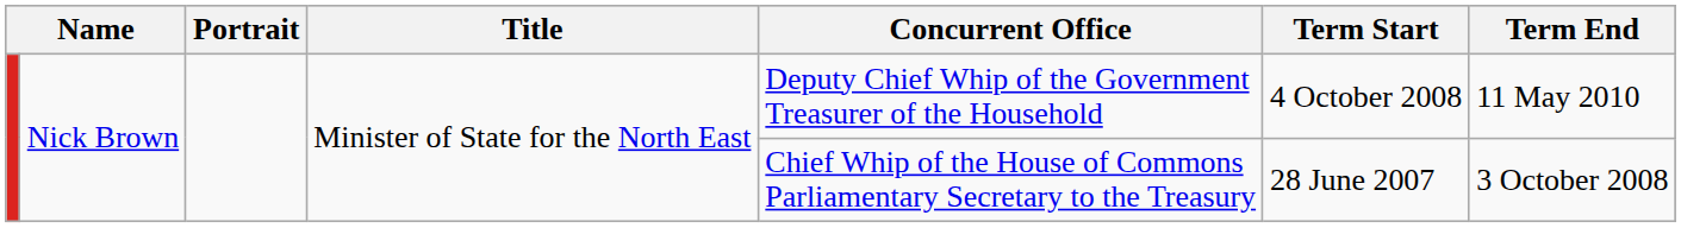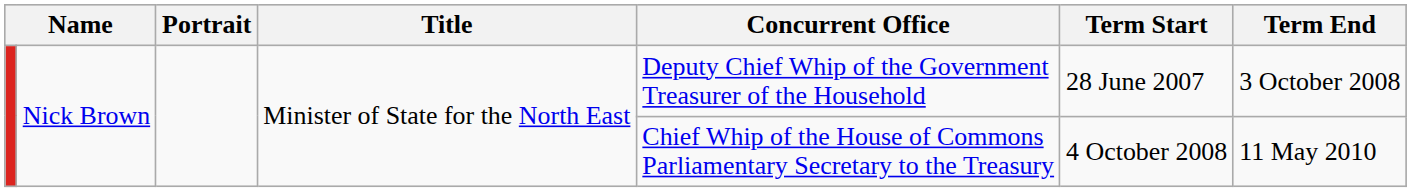 <table class="wikitable">
 <tr>
 <th colspan="2">Name</th>
 <th>Portrait</th>
 <th>Title</th>
 <th>Concurrent Office</th>
 <th>Term Start</th>
 <th>Term End</th>
 </tr>
 <tr>
 <th rowspan="2" style="background-color: #DC241f"></th>
 <td rowspan="2"><a href='#'>Nick Brown</a></td>
 <td rowspan="2"></td>
 <td rowspan="2">Minister of State for the <a href='#'>North East</a></td>
 <td><a href='#'>Deputy Chief Whip of the Government</a><br><a href='#'>Treasurer of the Household</a></td>
+<td>28 June 2007</td>
+<td>3 October 2008</td>
+</tr>
+<tr>
+<td><a href='#'>Chief Whip of the House of Commons</a><br><a href='#'>Parliamentary Secretary to the Treasury</a></td>
 <td>4 October 2008</td>
 <td>11 May 2010</td>
 </tr>
-<tr>
-<td><a href='#'>Chief Whip of the House of Commons</a><br><a href='#'>Parliamentary Secretary to the Treasury</a></td>
-<td>28 June 2007</td>
-<td>3 October 2008</td>
-</tr>
 </table>
